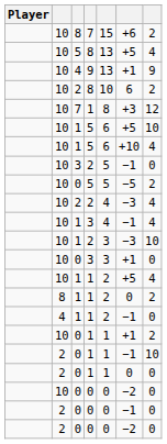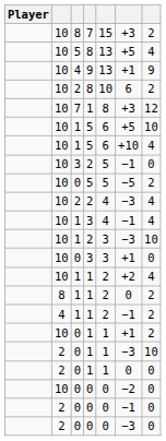 <table class="wikitable sortable" style="text-align:center;">
 <tr>
 <th>Player</th>
 <th></th>
 <th></th>
 <th></th>
 <th></th>
 <th data-sort-type="number"></th>
 <th></th>
 </tr>
 <tr>
 <td></td>
 <td>10</td>
 <td>8</td>
 <td>7</td>
 <td>15</td>
-<td>+6</td>
+<td>+3</td>
 <td>2</td>
 </tr>
 <tr>
 <td></td>
 <td>10</td>
 <td>5</td>
 <td>8</td>
 <td>13</td>
 <td>+5</td>
 <td>4</td>
 </tr>
 <tr>
 <td></td>
 <td>10</td>
 <td>4</td>
 <td>9</td>
 <td>13</td>
 <td>+1</td>
 <td>9</td>
 </tr>
 <tr>
 <td></td>
 <td>10</td>
 <td>2</td>
 <td>8</td>
 <td>10</td>
 <td>6</td>
 <td>2</td>
 </tr>
 <tr>
 <td></td>
 <td>10</td>
 <td>7</td>
 <td>1</td>
 <td>8</td>
 <td>+3</td>
 <td>12</td>
 </tr>
 <tr>
 <td></td>
 <td>10</td>
 <td>1</td>
 <td>5</td>
 <td>6</td>
 <td>+5</td>
 <td>10</td>
 </tr>
 <tr>
 <td></td>
 <td>10</td>
 <td>1</td>
 <td>5</td>
 <td>6</td>
 <td>+10</td>
 <td>4</td>
 </tr>
 <tr>
 <td></td>
 <td>10</td>
 <td>3</td>
 <td>2</td>
 <td>5</td>
 <td>−1</td>
 <td>0</td>
 </tr>
 <tr>
 <td></td>
 <td>10</td>
 <td>0</td>
 <td>5</td>
 <td>5</td>
 <td>−5</td>
 <td>2</td>
 </tr>
 <tr>
 <td></td>
 <td>10</td>
 <td>2</td>
 <td>2</td>
 <td>4</td>
 <td>−3</td>
 <td>4</td>
 </tr>
 <tr>
 <td></td>
 <td>10</td>
 <td>1</td>
 <td>3</td>
 <td>4</td>
 <td>−1</td>
 <td>4</td>
 </tr>
 <tr>
 <td></td>
 <td>10</td>
 <td>1</td>
 <td>2</td>
 <td>3</td>
 <td>−3</td>
 <td>10</td>
 </tr>
 <tr>
 <td></td>
 <td>10</td>
 <td>0</td>
 <td>3</td>
 <td>3</td>
 <td>+1</td>
 <td>0</td>
 </tr>
 <tr>
 <td></td>
 <td>10</td>
 <td>1</td>
 <td>1</td>
 <td>2</td>
-<td>+5</td>
+<td>+2</td>
 <td>4</td>
 </tr>
 <tr>
 <td></td>
 <td>8</td>
 <td>1</td>
 <td>1</td>
 <td>2</td>
 <td>0</td>
 <td>2</td>
 </tr>
 <tr>
 <td></td>
 <td>4</td>
 <td>1</td>
 <td>1</td>
 <td>2</td>
 <td>−1</td>
-<td>0</td>
+<td>2</td>
 </tr>
 <tr>
 <td></td>
 <td>10</td>
 <td>0</td>
 <td>1</td>
 <td>1</td>
 <td>+1</td>
 <td>2</td>
 </tr>
 <tr>
 <td></td>
 <td>2</td>
 <td>0</td>
 <td>1</td>
 <td>1</td>
-<td>−1</td>
+<td>−3</td>
 <td>10</td>
 </tr>
 <tr>
 <td></td>
 <td>2</td>
 <td>0</td>
 <td>1</td>
 <td>1</td>
 <td>0</td>
 <td>0</td>
 </tr>
 <tr>
 <td></td>
 <td>10</td>
 <td>0</td>
 <td>0</td>
 <td>0</td>
 <td>−2</td>
 <td>0</td>
 </tr>
 <tr>
 <td></td>
 <td>2</td>
 <td>0</td>
 <td>0</td>
 <td>0</td>
 <td>−1</td>
 <td>0</td>
 </tr>
 <tr>
 <td></td>
 <td>2</td>
 <td>0</td>
 <td>0</td>
 <td>0</td>
-<td>−2</td>
+<td>−3</td>
 <td>0</td>
 </tr>
 </table>
